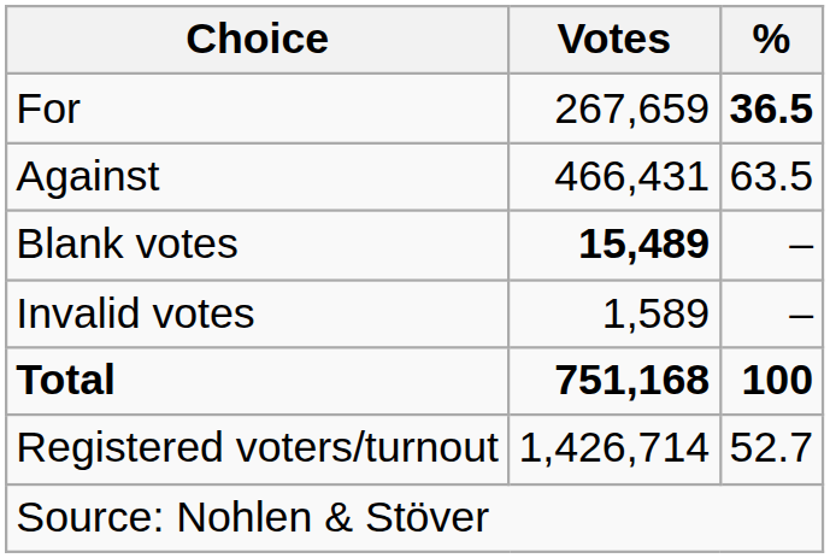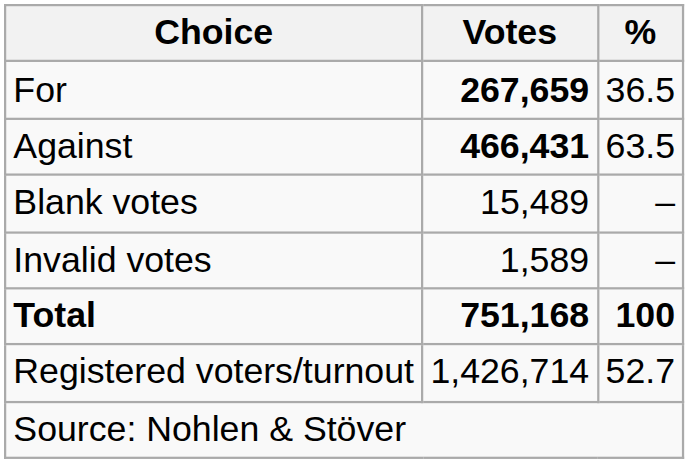 <table class=wikitable style=text-align:right>
 <tr>
 <th>Choice</th>
 <th>Votes</th>
 <th>%</th>
 </tr>
 <tr>
 <td align=left>For</td>
-<td>267,659</td>
-<td><strong>36.5</strong></td>
+<td><strong>267,659</strong></td>
+<td>36.5</td>
 </tr>
 <tr>
 <td align=left>Against</td>
-<td>466,431</td>
+<td><strong>466,431</strong></td>
 <td>63.5</td>
 </tr>
 <tr>
 <td align=left>Blank votes</td>
-<td><strong>15,489</strong></td>
+<td>15,489</td>
 <td>–</td>
 </tr>
 <tr>
 <td align=left>Invalid votes</td>
 <td>1,589</td>
 <td>–</td>
 </tr>
 <tr>
 <td align=left><strong>Total</strong></td>
 <td><strong>751,168</strong></td>
 <td><strong>100</strong></td>
 </tr>
 <tr>
 <td align=left>Registered voters/turnout</td>
 <td>1,426,714</td>
 <td>52.7</td>
 </tr>
 <tr>
 <td align=left colspan=6>Source: Nohlen & Stöver</td>
 </tr>
 </table>
